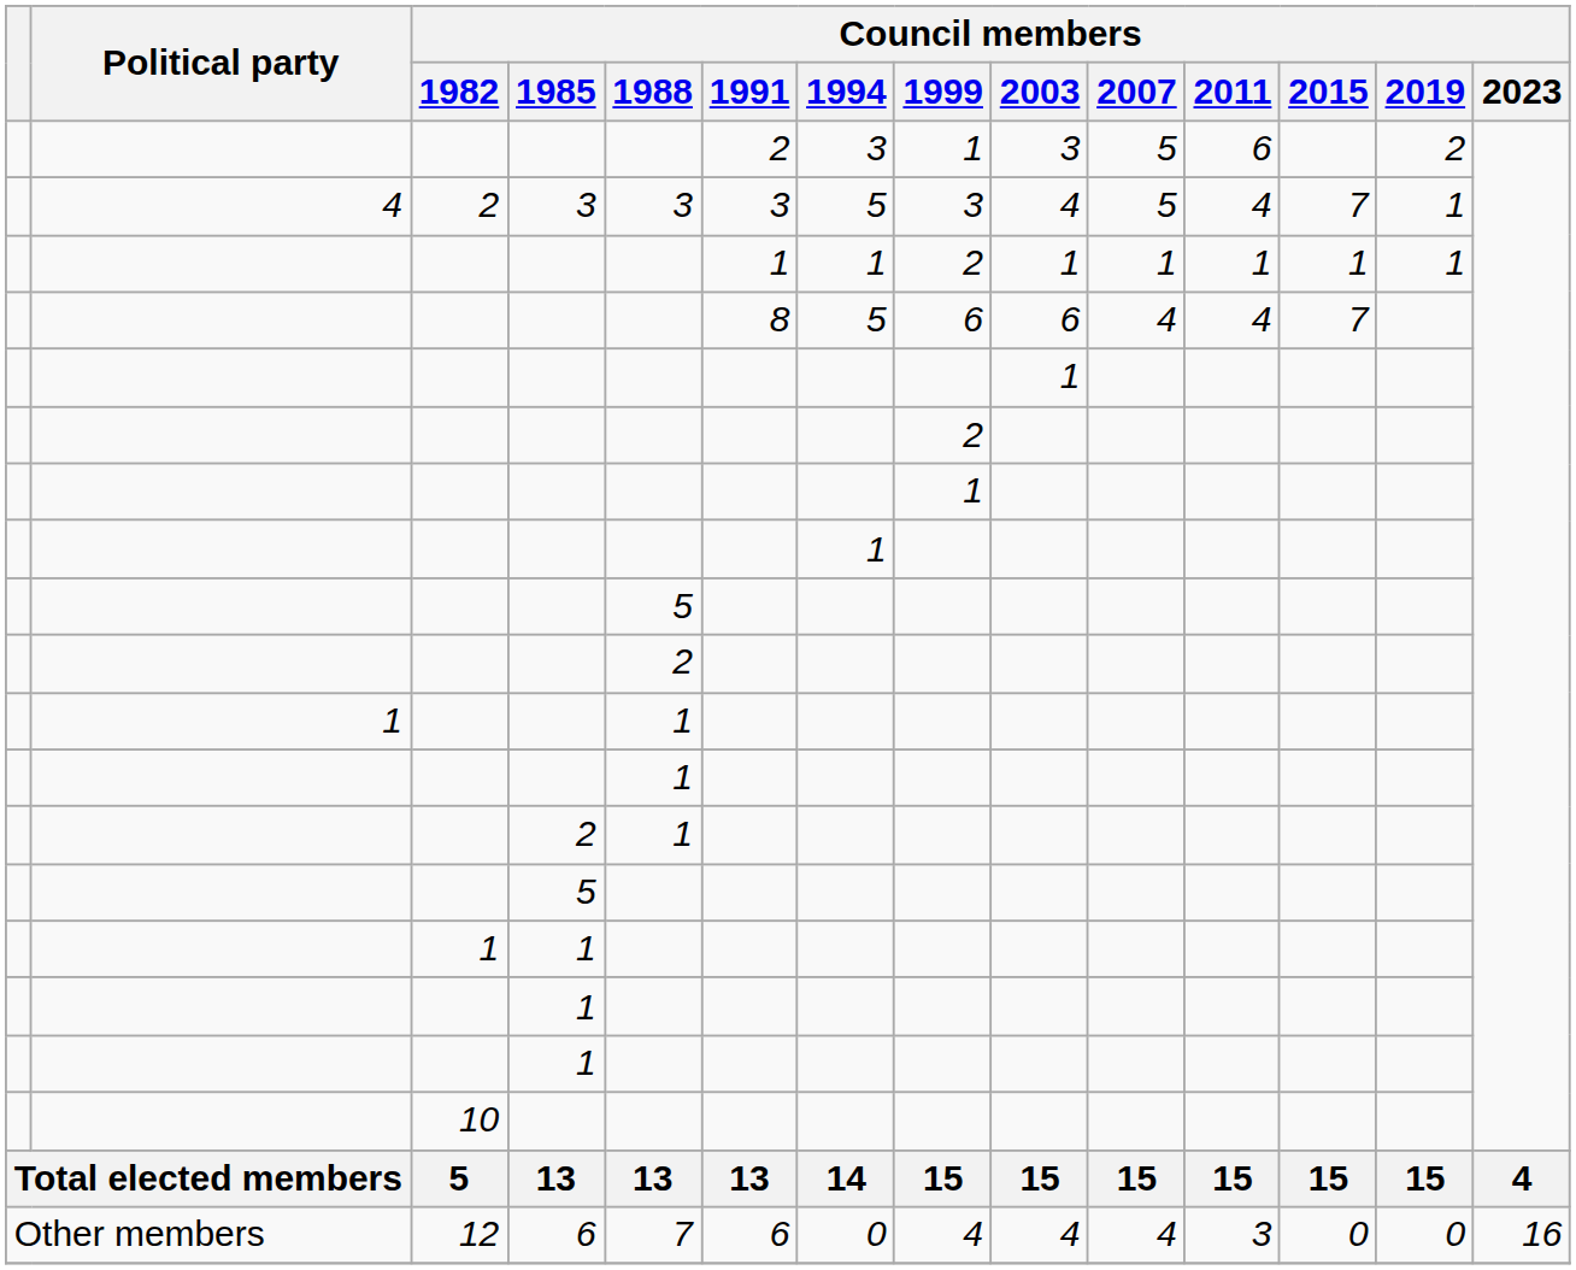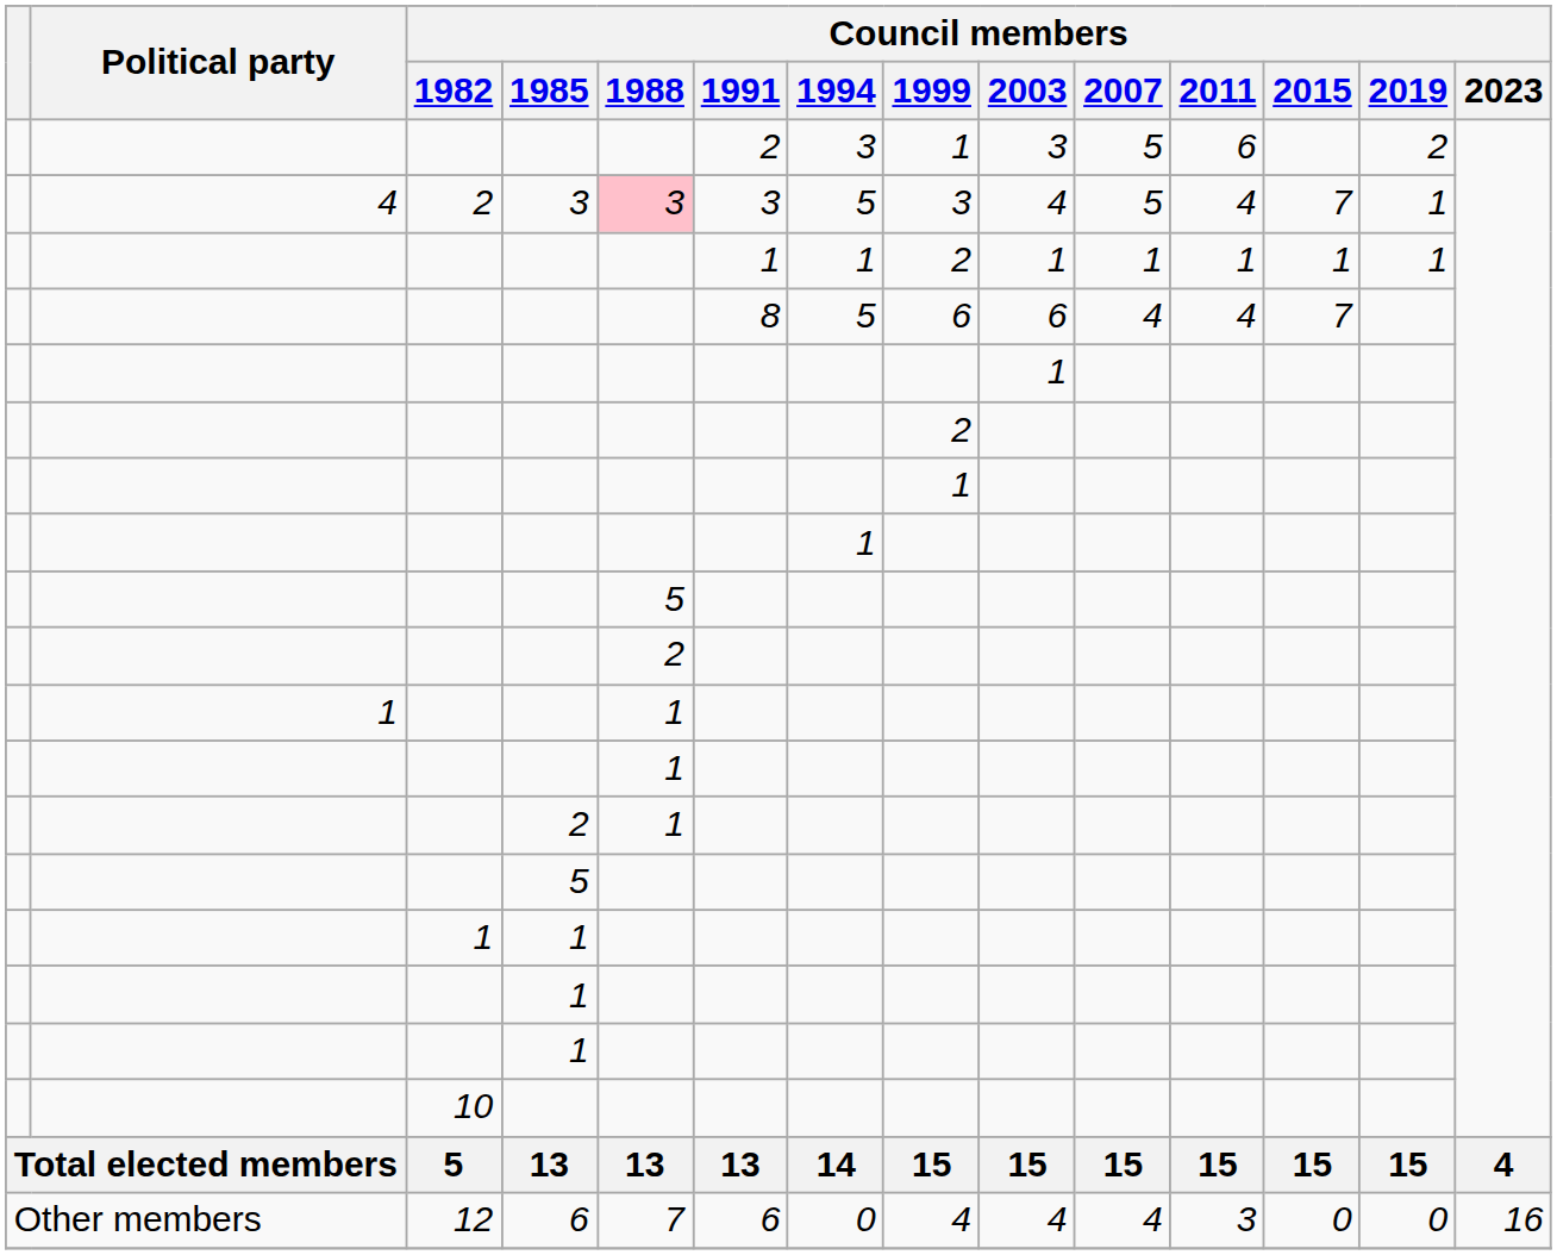 <table class="wikitable" style="text-align: right">
 <tr>
 <th rowspan="2"></th>
 <th rowspan="2">Political party</th>
 <th colspan="12">Council members</th>
 </tr>
 <tr>
 <th><a href='#'>1982</a></th>
 <th><a href='#'>1985</a></th>
 <th><a href='#'>1988</a></th>
 <th><a href='#'>1991</a></th>
 <th><a href='#'>1994</a></th>
 <th><a href='#'>1999</a></th>
 <th><a href='#'>2003</a></th>
 <th><a href='#'>2007</a></th>
 <th><a href='#'>2011</a></th>
 <th><a href='#'>2015</a></th>
 <th><a href='#'>2019</a></th>
 <th>2023</th>
 </tr>
 <tr>
 <td></td>
 <td></td>
 <td></td>
 <td></td>
 <td></td>
 <td><em>2</em></td>
 <td><em>3</em></td>
 <td><em>1</em></td>
 <td><em>3</em></td>
 <td><em>5</em></td>
 <td><em>6</em></td>
 <td></td>
 <td><em>2</em></td>
 </tr>
 <tr>
 <td></td>
 <td><em>4</em></td>
 <td><em>2</em></td>
 <td><em>3</em></td>
-<td><em>3</em></td>
+<td style="background: pink;"><em>3</em></td>
 <td><em>3</em></td>
 <td><em>5</em></td>
 <td><em>3</em></td>
 <td><em>4</em></td>
 <td><em>5</em></td>
 <td><em>4</em></td>
 <td><em>7</em></td>
 <td><em>1</em></td>
 </tr>
 <tr>
 <td></td>
 <td></td>
 <td></td>
 <td></td>
 <td></td>
 <td><em>1</em></td>
 <td><em>1</em></td>
 <td><em>2</em></td>
 <td><em>1</em></td>
 <td><em>1</em></td>
 <td><em>1</em></td>
 <td><em>1</em></td>
 <td><em>1</em></td>
 </tr>
 <tr>
 <td></td>
 <td></td>
 <td></td>
 <td></td>
 <td></td>
 <td><em>8</em></td>
 <td><em>5</em></td>
 <td><em>6</em></td>
 <td><em>6</em></td>
 <td><em>4</em></td>
 <td><em>4</em></td>
 <td><em>7</em></td>
 <td></td>
 </tr>
 <tr>
 <td></td>
 <td></td>
 <td></td>
 <td></td>
 <td></td>
 <td></td>
 <td></td>
 <td></td>
 <td><em>1</em></td>
 <td></td>
 <td></td>
 <td></td>
 <td></td>
 </tr>
 <tr>
 <td></td>
 <td></td>
 <td></td>
 <td></td>
 <td></td>
 <td></td>
 <td></td>
 <td><em>2</em></td>
 <td></td>
 <td></td>
 <td></td>
 <td></td>
 <td></td>
 </tr>
 <tr>
 <td></td>
 <td></td>
 <td></td>
 <td></td>
 <td></td>
 <td></td>
 <td></td>
 <td><em>1</em></td>
 <td></td>
 <td></td>
 <td></td>
 <td></td>
 <td></td>
 </tr>
 <tr>
 <td></td>
 <td></td>
 <td></td>
 <td></td>
 <td></td>
 <td></td>
 <td><em>1</em></td>
 <td></td>
 <td></td>
 <td></td>
 <td></td>
 <td></td>
 <td></td>
 </tr>
 <tr>
 <td></td>
 <td></td>
 <td></td>
 <td></td>
 <td><em>5</em></td>
 <td></td>
 <td></td>
 <td></td>
 <td></td>
 <td></td>
 <td></td>
 <td></td>
 <td></td>
 </tr>
 <tr>
 <td></td>
 <td></td>
 <td></td>
 <td></td>
 <td><em>2</em></td>
 <td></td>
 <td></td>
 <td></td>
 <td></td>
 <td></td>
 <td></td>
 <td></td>
 <td></td>
 </tr>
 <tr>
 <td></td>
 <td><em>1</em></td>
 <td></td>
 <td></td>
 <td><em>1</em></td>
 <td></td>
 <td></td>
 <td></td>
 <td></td>
 <td></td>
 <td></td>
 <td></td>
 <td></td>
 </tr>
 <tr>
 <td></td>
 <td></td>
 <td></td>
 <td></td>
 <td><em>1</em></td>
 <td></td>
 <td></td>
 <td></td>
 <td></td>
 <td></td>
 <td></td>
 <td></td>
 <td></td>
 </tr>
 <tr>
 <td></td>
 <td></td>
 <td></td>
 <td><em>2</em></td>
 <td><em>1</em></td>
 <td></td>
 <td></td>
 <td></td>
 <td></td>
 <td></td>
 <td></td>
 <td></td>
 <td></td>
 </tr>
 <tr>
 <td></td>
 <td></td>
 <td></td>
 <td><em>5</em></td>
 <td></td>
 <td></td>
 <td></td>
 <td></td>
 <td></td>
 <td></td>
 <td></td>
 <td></td>
 <td></td>
 </tr>
 <tr>
 <td></td>
 <td></td>
 <td><em>1</em></td>
 <td><em>1</em></td>
 <td></td>
 <td></td>
 <td></td>
 <td></td>
 <td></td>
 <td></td>
 <td></td>
 <td></td>
 <td></td>
 </tr>
 <tr>
 <td></td>
 <td></td>
 <td></td>
 <td><em>1</em></td>
 <td></td>
 <td></td>
 <td></td>
 <td></td>
 <td></td>
 <td></td>
 <td></td>
 <td></td>
 <td></td>
 </tr>
 <tr>
 <td></td>
 <td></td>
 <td></td>
 <td><em>1</em></td>
 <td></td>
 <td></td>
 <td></td>
 <td></td>
 <td></td>
 <td></td>
 <td></td>
 <td></td>
 <td></td>
 </tr>
 <tr>
 <td></td>
 <td></td>
 <td><em>10</em></td>
 <td></td>
 <td></td>
 <td></td>
 <td></td>
 <td></td>
 <td></td>
 <td></td>
 <td></td>
 <td></td>
 <td></td>
 </tr>
 <tr>
 <th colspan="2">Total elected members</th>
 <th>5</th>
 <th>13</th>
 <th>13</th>
 <th>13</th>
 <th>14</th>
 <th>15</th>
 <th>15</th>
 <th>15</th>
 <th>15</th>
 <th>15</th>
 <th>15</th>
 <th>4</th>
 </tr>
 <tr>
 <td colspan="2" style="text-align:left">Other members</td>
 <td><em>12</em></td>
 <td><em>6</em></td>
 <td><em>7</em></td>
 <td><em>6</em></td>
 <td><em>0</em></td>
 <td><em>4</em></td>
 <td><em>4</em></td>
 <td><em>4</em></td>
 <td><em>3</em></td>
 <td><em>0</em></td>
 <td><em>0</em></td>
 <td><em>16</em></td>
 </tr>
 <tr>
 </tr>
 </table>
